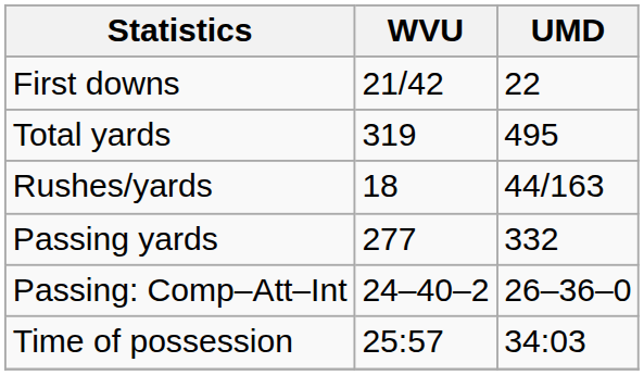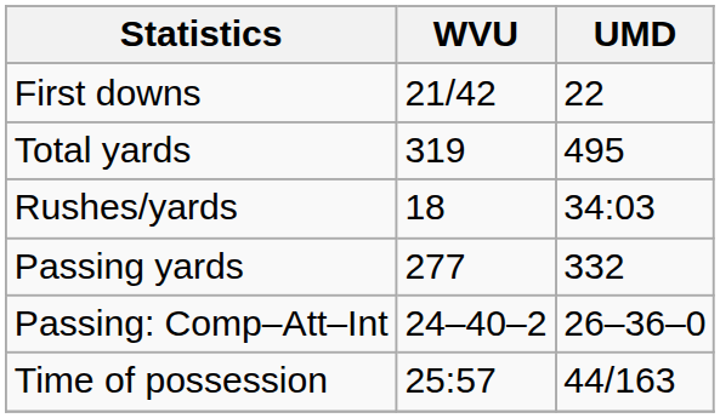 <table class="wikitable" style="float: left;">
 <tr>
 <th>Statistics</th>
 <th>WVU</th>
 <th>UMD</th>
 </tr>
 <tr>
 <td>First downs</td>
 <td>21/42</td>
 <td>22</td>
 </tr>
 <tr>
 <td>Total yards</td>
 <td>319</td>
 <td>495</td>
 </tr>
 <tr>
 <td>Rushes/yards</td>
 <td>18</td>
-<td>44/163</td>
+<td>34:03</td>
 </tr>
 <tr>
 <td>Passing yards</td>
 <td>277</td>
 <td>332</td>
 </tr>
 <tr>
 <td>Passing: Comp–Att–Int</td>
 <td>24–40–2</td>
 <td>26–36–0</td>
 </tr>
 <tr>
 <td>Time of possession</td>
 <td>25:57</td>
-<td>34:03</td>
+<td>44/163</td>
 </tr>
 <tr>
 </tr>
 </table>
